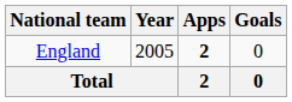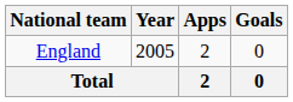 <table class=wikitable style="text-align: center;">
 <tr>
 <th>National team</th>
 <th>Year</th>
 <th>Apps</th>
 <th>Goals</th>
 </tr>
 <tr>
 <td><a href='#'>England</a></td>
 <td>2005</td>
-<td><strong>2</strong></td>
+<td>2</td>
 <td>0</td>
 </tr>
 <tr>
 <th colspan=2>Total</th>
 <th>2</th>
 <th>0</th>
 </tr>
 </table>
